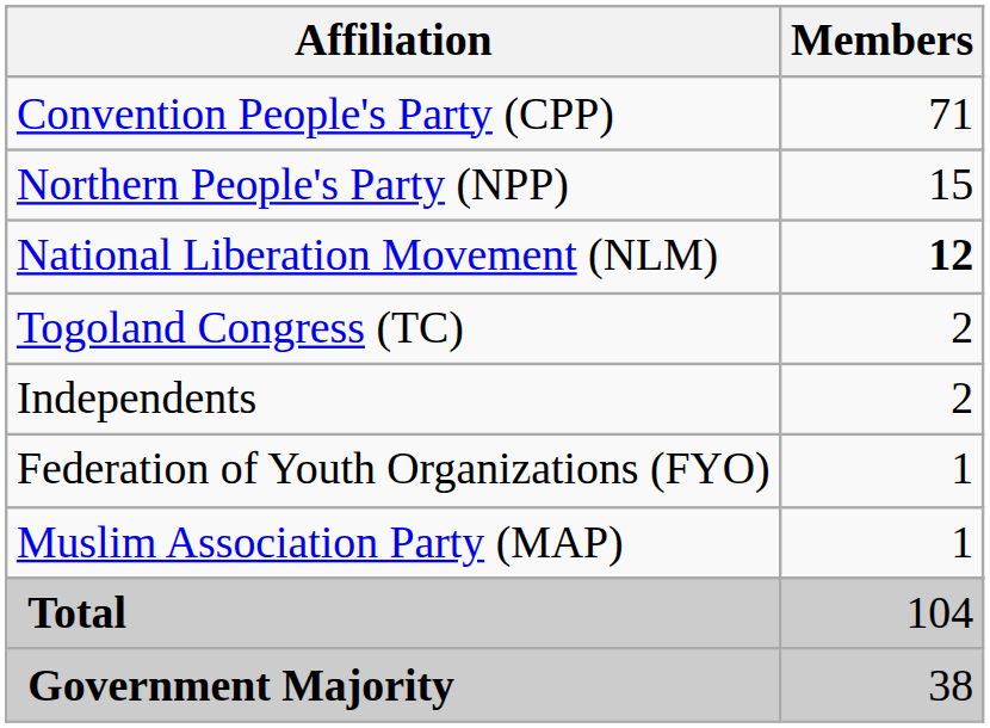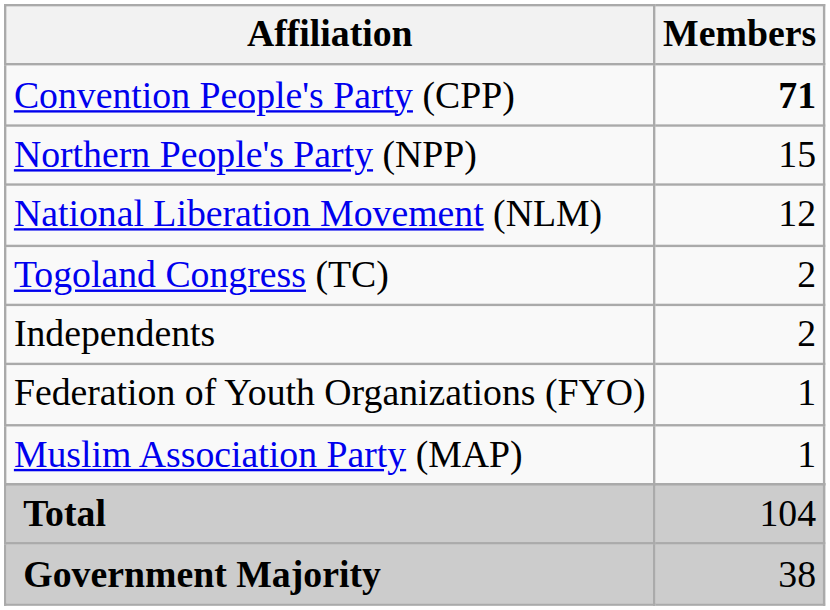 <table class="wikitable">
 <tr>
 <th>Affiliation</th>
 <th>Members</th>
 </tr>
 <tr>
 <td><a href='#'>Convention People's Party</a> (CPP)</td>
-<td align="right">71</td>
+<td align="right"><strong>71</strong></td>
 </tr>
 <tr>
 <td><a href='#'>Northern People's Party</a> (NPP)</td>
 <td align="right">15</td>
 </tr>
 <tr>
 <td><a href='#'>National Liberation Movement</a> (NLM)</td>
-<td align="right"><strong>12</strong></td>
+<td align="right">12</td>
 </tr>
 <tr>
 <td><a href='#'>Togoland Congress</a> (TC)</td>
 <td align="right">2</td>
 </tr>
 <tr>
 <td>Independents</td>
 <td align="right">2</td>
 </tr>
 <tr>
 <td>Federation of Youth Organizations (FYO)</td>
 <td align="right">1</td>
 </tr>
 <tr>
 <td><a href='#'>Muslim Association Party</a> (MAP)</td>
 <td align="right">1</td>
 </tr>
 <tr>
 </tr>
 <tr bgcolor="CCCCCC">
 <td> <strong>Total</strong></td>
 <td align="right">104</td>
 </tr>
 <tr bgcolor="CCCCCC">
 <td> <strong>Government Majority</strong></td>
 <td align="right">38</td>
 </tr>
 </table>
